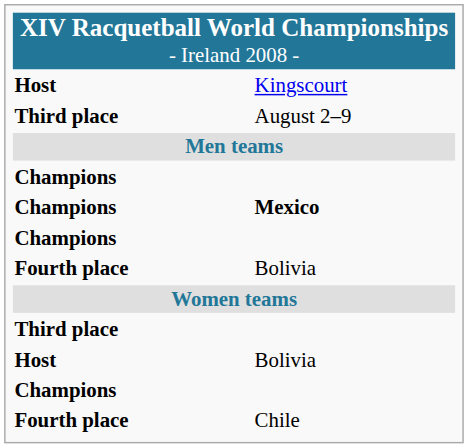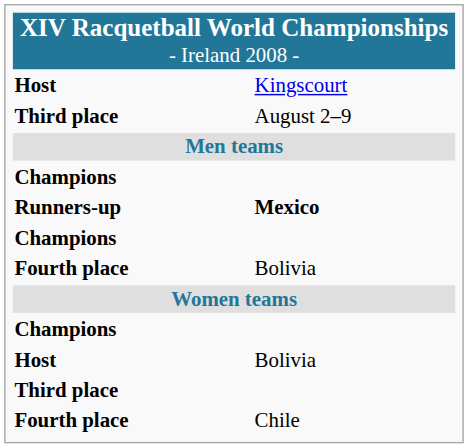 <table class="infobox" style="font-size: 90%; width: 22em;">
 <tr>
 <td colspan="2" style="background: #227799; text-align: center; color:#ffffff;"><big><strong>XIV Racquetball World Championships</strong></big><br>- Ireland 2008 -</td>
 </tr>
 <tr style="vertical-align:top;">
 <td><strong>Host</strong></td>
 <td> <a href='#'>Kingscourt</a></td>
 </tr>
 <tr style="vertical-align:top;">
 <td><strong>Third place</strong> </td>
 <td>August 2–9</td>
 </tr>
 <tr style="vertical-align:top;">
 <td colspan="2" style="background: #dfdfdf; text-align: center; color:#227799;"><strong>Men teams</strong></td>
 </tr>
 <tr style="vertical-align:top;">
 <td><strong>Champions</strong> </td>
 <td></td>
 </tr>
 <tr>
-<td><strong>Champions</strong> </td>
+<td><strong>Runners-up</strong> </td>
 <td><strong> Mexico</strong></td>
 </tr>
 <tr>
 <td><strong>Champions</strong> </td>
 <td></td>
 </tr>
 <tr>
 <td><strong>Fourth place</strong></td>
 <td> Bolivia</td>
 </tr>
 <tr style="vertical-align:top;">
 <td colspan="2" style="background: #dfdfdf; text-align: center; color:#227799;"><strong>Women teams</strong></td>
 </tr>
 <tr style="vertical-align:top;">
-<td><strong>Third place</strong> </td>
+<td><strong>Champions</strong> </td>
 <td></td>
 </tr>
 <tr>
 <td><strong>Host</strong></td>
 <td> Bolivia</td>
 </tr>
 <tr>
-<td><strong>Champions</strong> </td>
+<td><strong>Third place</strong> </td>
 <td></td>
 </tr>
 <tr>
 <td><strong>Fourth place</strong></td>
 <td> Chile</td>
 </tr>
 </table>
